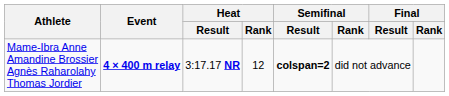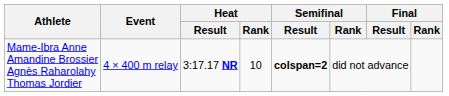 <table class="wikitable"  style=font-size:90%>
 <tr>
 <th rowspan="2">Athlete</th>
 <th rowspan="2">Event</th>
 <th colspan="2">Heat</th>
 <th colspan="2">Semifinal</th>
 <th colspan="2">Final</th>
 </tr>
 <tr>
 <th>Result</th>
 <th>Rank</th>
 <th>Result</th>
 <th>Rank</th>
 <th>Result</th>
 <th>Rank</th>
 </tr>
 <tr style=text-align:center>
 <td style=text-align:left><a href='#'>Mame-Ibra Anne</a>  <br> <a href='#'>Amandine Brossier</a>  <br> <a href='#'>Agnès Raharolahy</a>  <br> <a href='#'>Thomas Jordier</a></td>
-<td style=text-align:left><strong><a href='#'>4 × 400 m relay</a></strong></td>
+<td style=text-align:left><a href='#'>4 × 400 m relay</a></td>
 <td>3:17.17 <strong><a href='#'>NR</a></strong></td>
-<td>12</td>
+<td>10</td>
 <td><strong>colspan=2</strong></td>
 <td colspan=2>did not advance</td>
 </tr>
 </table>
